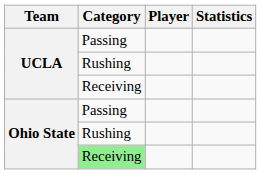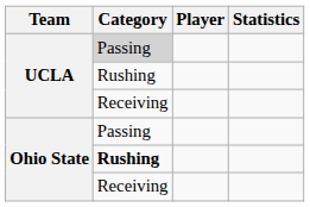 <table class="wikitable" style="float:right">
 <tr>
 <th>Team</th>
 <th>Category</th>
 <th>Player</th>
 <th>Statistics</th>
 </tr>
 <tr>
 <th rowspan=3>UCLA</th>
-<td>Passing</td>
+<td style="background: lightgrey;">Passing</td>
 <td></td>
 <td></td>
 </tr>
 <tr>
 <td>Rushing</td>
 <td></td>
 <td></td>
 </tr>
 <tr>
 <td>Receiving</td>
 <td></td>
 <td></td>
 </tr>
 <tr>
 <th rowspan=3>Ohio State</th>
 <td>Passing</td>
 <td></td>
 <td></td>
 </tr>
 <tr>
-<td>Rushing</td>
+<td><strong>Rushing</strong></td>
 <td></td>
 <td></td>
 </tr>
 <tr>
-<td style="background: lightgreen;">Receiving</td>
+<td>Receiving</td>
 <td></td>
 <td></td>
 </tr>
 </table>
